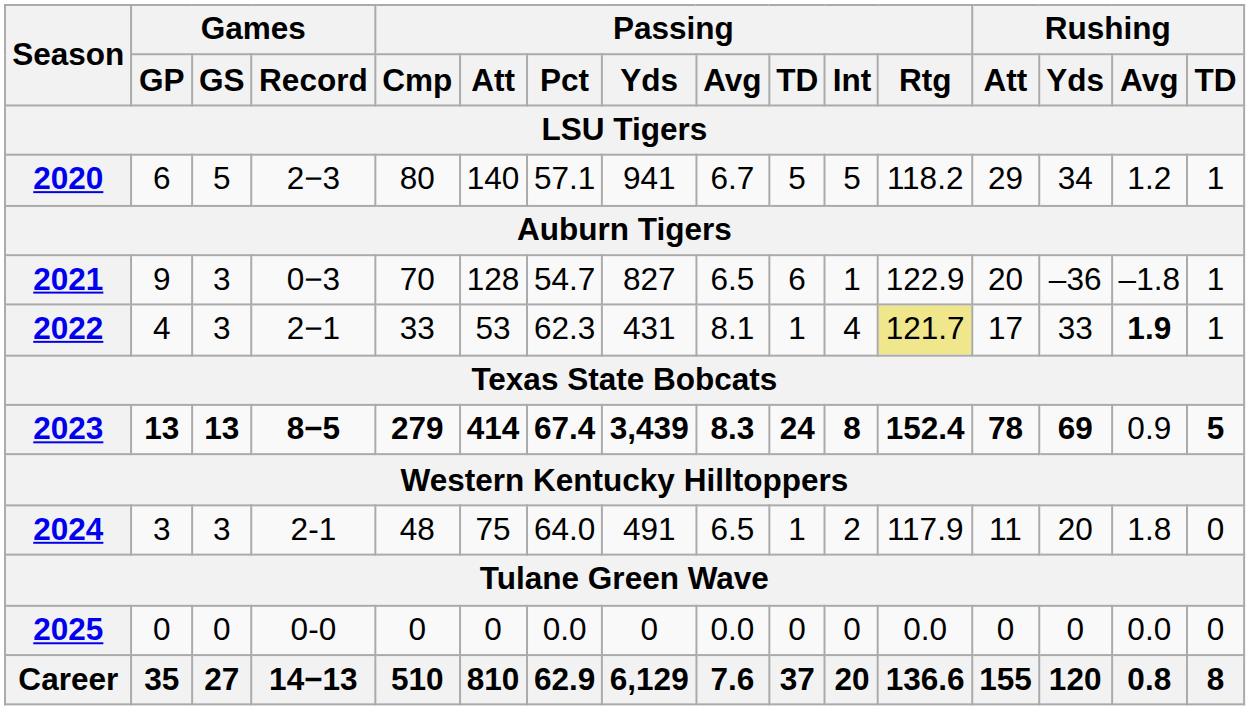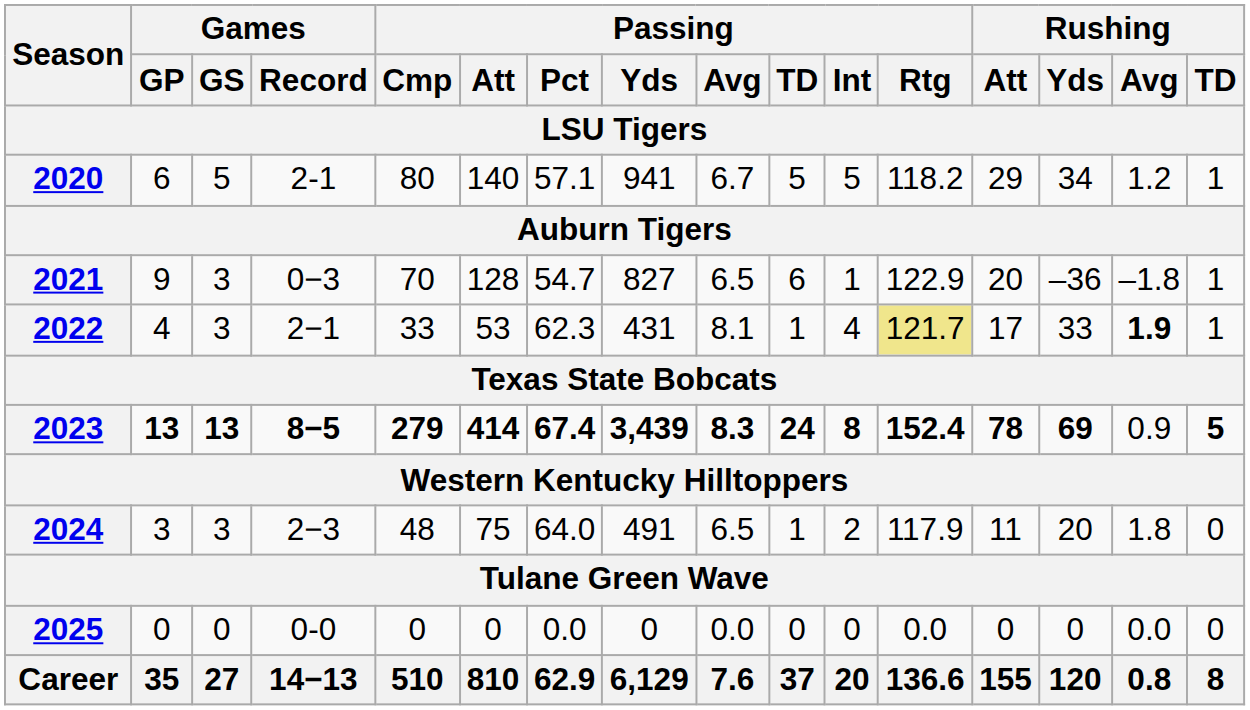 <table class="wikitable" style="text-align:center;">
 <tr>
 <th rowspan="2">Season</th>
 <th colspan="3">Games</th>
 <th colspan="8">Passing</th>
 <th colspan="4">Rushing</th>
 </tr>
 <tr>
 <th>GP</th>
 <th>GS</th>
 <th>Record</th>
 <th>Cmp</th>
 <th>Att</th>
 <th>Pct</th>
 <th>Yds</th>
 <th>Avg</th>
 <th>TD</th>
 <th>Int</th>
 <th>Rtg</th>
 <th>Att</th>
 <th>Yds</th>
 <th>Avg</th>
 <th>TD</th>
 </tr>
 <tr>
 <th colspan="17">LSU Tigers</th>
 </tr>
 <tr>
 <th><a href='#'>2020</a></th>
 <td>6</td>
 <td>5</td>
-<td>2−3</td>
+<td>2-1</td>
 <td>80</td>
 <td>140</td>
 <td>57.1</td>
 <td>941</td>
 <td>6.7</td>
 <td>5</td>
 <td>5</td>
 <td>118.2</td>
 <td>29</td>
 <td>34</td>
 <td>1.2</td>
 <td>1</td>
 </tr>
 <tr>
 <th colspan="17">Auburn Tigers</th>
 </tr>
 <tr>
 <th><a href='#'>2021</a></th>
 <td>9</td>
 <td>3</td>
 <td>0−3</td>
 <td>70</td>
 <td>128</td>
 <td>54.7</td>
 <td>827</td>
 <td>6.5</td>
 <td>6</td>
 <td>1</td>
 <td>122.9</td>
 <td>20</td>
 <td>–36</td>
 <td>–1.8</td>
 <td>1</td>
 </tr>
 <tr>
 <th><a href='#'>2022</a></th>
 <td>4</td>
 <td>3</td>
 <td>2−1</td>
 <td>33</td>
 <td>53</td>
 <td>62.3</td>
 <td>431</td>
 <td>8.1</td>
 <td>1</td>
 <td>4</td>
 <td style="background: khaki;">121.7</td>
 <td>17</td>
 <td>33</td>
 <td><strong>1.9</strong></td>
 <td>1</td>
 </tr>
 <tr>
 <th colspan="17">Texas State Bobcats</th>
 </tr>
 <tr>
 <th><a href='#'>2023</a></th>
 <td><strong>13</strong></td>
 <td><strong>13</strong></td>
 <td><strong>8−5</strong></td>
 <td><strong>279</strong></td>
 <td><strong>414</strong></td>
 <td><strong>67.4</strong></td>
 <td><strong>3,439</strong></td>
 <td><strong>8.3</strong></td>
 <td><strong>24</strong></td>
 <td><strong>8</strong></td>
 <td><strong>152.4</strong></td>
 <td><strong>78</strong></td>
 <td><strong>69</strong></td>
 <td>0.9</td>
 <td><strong>5</strong></td>
 </tr>
 <tr>
 <th colspan="17">Western Kentucky Hilltoppers</th>
 </tr>
 <tr>
 <th><a href='#'>2024</a></th>
 <td>3</td>
 <td>3</td>
-<td>2-1</td>
+<td>2−3</td>
 <td>48</td>
 <td>75</td>
 <td>64.0</td>
 <td>491</td>
 <td>6.5</td>
 <td>1</td>
 <td>2</td>
 <td>117.9</td>
 <td>11</td>
 <td>20</td>
 <td>1.8</td>
 <td>0</td>
 </tr>
 <tr>
 <th colspan="17">Tulane Green Wave</th>
 </tr>
 <tr>
 <th><a href='#'>2025</a></th>
 <td>0</td>
 <td>0</td>
 <td>0-0</td>
 <td>0</td>
 <td>0</td>
 <td>0.0</td>
 <td>0</td>
 <td>0.0</td>
 <td>0</td>
 <td>0</td>
 <td>0.0</td>
 <td>0</td>
 <td>0</td>
 <td>0.0</td>
 <td>0</td>
 </tr>
 <tr>
 <th>Career</th>
 <th>35</th>
 <th>27</th>
 <th>14−13</th>
 <th>510</th>
 <th>810</th>
 <th>62.9</th>
 <th>6,129</th>
 <th>7.6</th>
 <th>37</th>
 <th>20</th>
 <th>136.6</th>
 <th>155</th>
 <th>120</th>
 <th>0.8</th>
 <th>8</th>
 </tr>
 </table>
